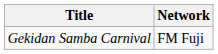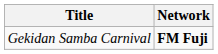 <table class="wikitable">
 <tr>
 <th>Title</th>
 <th>Network</th>
 </tr>
 <tr>
 <td><em>Gekidan Samba Carnival</em></td>
-<td>FM Fuji</td>
+<td><strong>FM Fuji</strong></td>
 </tr>
 </table>
